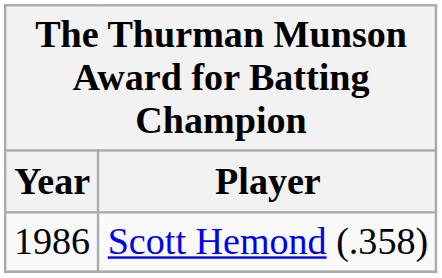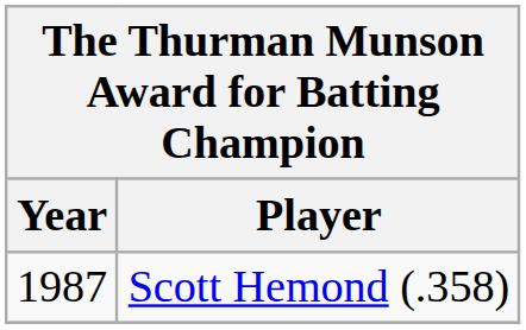 <table class="wikitable" style="display: inline-table; margin-right: 20px; text-align:center">
 <tr>
 <th scope="col" colspan="2" style="width: 145px;">The Thurman Munson Award for Batting Champion</th>
 </tr>
 <tr>
 <th scope="col">Year</th>
 <th scope="col">Player</th>
 </tr>
 <tr>
-<td>1986</td>
+<td>1987</td>
 <td><a href='#'>Scott Hemond</a> (.358)</td>
 </tr>
 <tr>
 </tr>
 </table>
